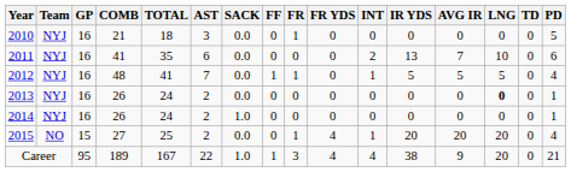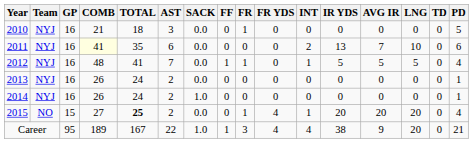 <table class="wikitable" style="text-align:center">
 <tr>
 <th>Year</th>
 <th>Team</th>
 <th>GP</th>
 <th>COMB</th>
 <th>TOTAL</th>
 <th>AST</th>
 <th>SACK</th>
 <th>FF</th>
 <th>FR</th>
 <th>FR YDS</th>
 <th>INT</th>
 <th>IR YDS</th>
 <th>AVG IR</th>
 <th>LNG</th>
 <th>TD</th>
 <th>PD</th>
 </tr>
 <tr>
 <td><a href='#'>2010</a></td>
 <td><a href='#'>NYJ</a></td>
 <td>16</td>
 <td>21</td>
 <td>18</td>
 <td>3</td>
 <td>0.0</td>
 <td>0</td>
 <td>1</td>
 <td>0</td>
 <td>0</td>
 <td>0</td>
 <td>0</td>
 <td>0</td>
 <td>0</td>
 <td>5</td>
 </tr>
 <tr>
 <td><a href='#'>2011</a></td>
 <td><a href='#'>NYJ</a></td>
 <td>16</td>
-<td>41</td>
+<td style="background: lightyellow;">41</td>
 <td>35</td>
 <td>6</td>
 <td>0.0</td>
 <td>0</td>
 <td>0</td>
 <td>0</td>
 <td>2</td>
 <td>13</td>
 <td>7</td>
 <td>10</td>
 <td>0</td>
 <td>6</td>
 </tr>
 <tr>
 <td><a href='#'>2012</a></td>
 <td><a href='#'>NYJ</a></td>
 <td>16</td>
 <td>48</td>
 <td>41</td>
 <td>7</td>
 <td>0.0</td>
 <td>1</td>
 <td>1</td>
 <td>0</td>
 <td>1</td>
 <td>5</td>
 <td>5</td>
 <td>5</td>
 <td>0</td>
 <td>4</td>
 </tr>
 <tr>
 <td><a href='#'>2013</a></td>
 <td><a href='#'>NYJ</a></td>
 <td>16</td>
 <td>26</td>
 <td>24</td>
 <td>2</td>
 <td>0.0</td>
 <td>0</td>
 <td>0</td>
 <td>0</td>
 <td>0</td>
 <td>0</td>
 <td>0</td>
-<td><strong>0</strong></td>
+<td>0</td>
 <td>0</td>
 <td>1</td>
 </tr>
 <tr>
 <td><a href='#'>2014</a></td>
 <td><a href='#'>NYJ</a></td>
 <td>16</td>
 <td>26</td>
 <td>24</td>
 <td>2</td>
 <td>1.0</td>
 <td>0</td>
 <td>0</td>
 <td>0</td>
 <td>0</td>
 <td>0</td>
 <td>0</td>
 <td>0</td>
 <td>0</td>
 <td>1</td>
 </tr>
 <tr>
 <td><a href='#'>2015</a></td>
 <td><a href='#'>NO</a></td>
 <td>15</td>
 <td>27</td>
-<td>25</td>
+<td><strong>25</strong></td>
 <td>2</td>
 <td>0.0</td>
 <td>0</td>
 <td>1</td>
 <td>4</td>
 <td>1</td>
 <td>20</td>
 <td>20</td>
 <td>20</td>
 <td>0</td>
 <td>4</td>
 </tr>
 <tr>
 <td colspan="2">Career</td>
 <td>95</td>
 <td>189</td>
 <td>167</td>
 <td>22</td>
 <td>1.0</td>
 <td>1</td>
 <td>3</td>
 <td>4</td>
 <td>4</td>
 <td>38</td>
 <td>9</td>
 <td>20</td>
 <td>0</td>
 <td>21</td>
 </tr>
 </table>
